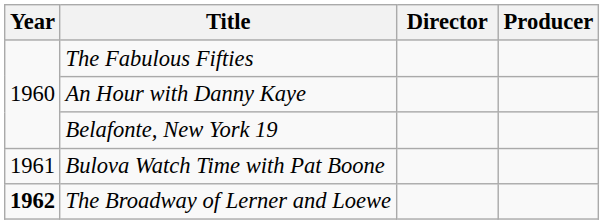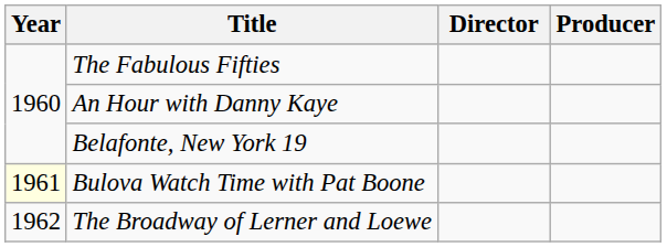 <table class="wikitable">
 <tr>
 <th>Year</th>
 <th>Title</th>
 <th width="65">Director</th>
 <th>Producer</th>
 </tr>
 <tr>
 <td rowspan="3">1960</td>
 <td><em>The Fabulous Fifties</em></td>
 <td></td>
 <td></td>
 </tr>
 <tr>
 <td><em>An Hour with Danny Kaye</em></td>
 <td></td>
 <td></td>
 </tr>
 <tr>
 <td><em>Belafonte, New York 19</em></td>
 <td></td>
 <td></td>
 </tr>
 <tr>
-<td>1961</td>
+<td style="background: lightyellow;">1961</td>
 <td><em>Bulova Watch Time with Pat Boone</em></td>
 <td></td>
 <td></td>
 </tr>
 <tr>
-<td><strong>1962</strong></td>
+<td>1962</td>
 <td><em>The Broadway of Lerner and Loewe</em></td>
 <td></td>
 <td></td>
 </tr>
 </table>
